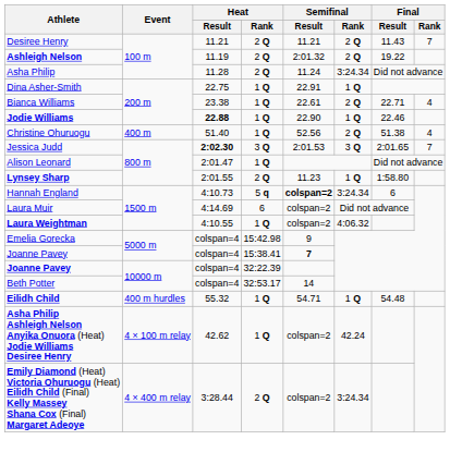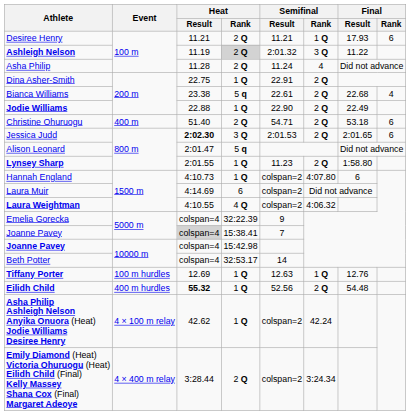 <table class="wikitable" style="font-size:90%">
 <tr>
 <th rowspan=2>Athlete</th>
 <th rowspan=2>Event</th>
 <th colspan=2>Heat</th>
 <th colspan=2>Semifinal</th>
 <th colspan=2>Final</th>
 </tr>
 <tr style="font-size:95%">
 <th>Result</th>
 <th>Rank</th>
 <th>Result</th>
 <th>Rank</th>
 <th>Result</th>
 <th>Rank</th>
 </tr>
 <tr align=center>
 <td align=left><a href='#'>Desiree Henry</a></td>
 <td style="text-align:left;" rowspan="3"><a href='#'>100 m</a></td>
 <td>11.21</td>
 <td>2 <strong>Q</strong></td>
 <td>11.21</td>
-<td>2 <strong>Q</strong></td>
-<td>11.43</td>
-<td>7</td>
+<td>1 <strong>Q</strong></td>
+<td>17.93</td>
+<td>6</td>
 </tr>
 <tr align=center>
 <td align=left><strong><a href='#'>Ashleigh Nelson</a></strong></td>
 <td>11.19</td>
-<td>2 <strong>Q</strong></td>
+<td style="background: lightgrey;">2 <strong>Q</strong></td>
 <td>2:01.32</td>
-<td>2 <strong>Q</strong></td>
-<td>19.22</td>
+<td>3 <strong>Q</strong></td>
+<td>11.22</td>
 <td></td>
 </tr>
 <tr align=center>
 <td align=left><a href='#'>Asha Philip</a></td>
 <td>11.28</td>
 <td>2 <strong>Q</strong></td>
 <td>11.24</td>
-<td>3:24.34</td>
+<td>4</td>
 <td colspan=2>Did not advance</td>
 </tr>
 <tr align=center>
 <td align=left><a href='#'>Dina Asher-Smith</a></td>
 <td style="text-align:left;" rowspan="3"><a href='#'>200 m</a></td>
 <td>22.75</td>
 <td>1 <strong>Q</strong></td>
 <td>22.91</td>
-<td>1 <strong>Q</strong></td>
+<td>2 <strong>Q</strong></td>
 <td colspan=2></td>
 </tr>
 <tr align=center>
 <td align=left><a href='#'>Bianca Williams</a></td>
 <td>23.38</td>
-<td>1 <strong>Q</strong></td>
+<td>5 <strong>q</strong></td>
 <td>22.61</td>
 <td>2 <strong>Q</strong></td>
-<td>22.71</td>
+<td>22.68</td>
 <td>4</td>
 </tr>
 <tr align=center>
 <td align=left><strong><a href='#'>Jodie Williams</a></strong></td>
-<td><strong>22.88</strong></td>
+<td>22.88</td>
 <td>1 <strong>Q</strong></td>
 <td>22.90</td>
-<td>1 <strong>Q</strong></td>
-<td>22.46</td>
+<td>2 <strong>Q</strong></td>
+<td>22.49</td>
 <td></td>
 </tr>
 <tr align=center>
 <td align=left><a href='#'>Christine Ohuruogu</a></td>
 <td style="text-align:left;"><a href='#'>400 m</a></td>
 <td>51.40</td>
-<td>1 <strong>Q</strong></td>
-<td>52.56</td>
 <td>2 <strong>Q</strong></td>
-<td>51.38</td>
-<td>4</td>
+<td>54.71</td>
+<td>2 <strong>Q</strong></td>
+<td>53.18</td>
+<td>6</td>
 </tr>
 <tr align=center>
 <td align=left><a href='#'>Jessica Judd</a></td>
 <td style="text-align:left;" rowspan="3"><a href='#'>800 m</a></td>
 <td><strong>2:02.30</strong></td>
 <td>3 <strong>Q</strong></td>
 <td>2:01.53</td>
-<td>3 <strong>Q</strong></td>
+<td>2 <strong>Q</strong></td>
 <td>2:01.65</td>
-<td>7</td>
+<td>6</td>
 </tr>
 <tr align=center>
 <td align=left><a href='#'>Alison Leonard</a></td>
 <td>2:01.47</td>
-<td>1 <strong>Q</strong></td>
+<td>5 <strong>q</strong></td>
 <td colspan=2></td>
 <td colspan=2>Did not advance</td>
 </tr>
 <tr align=center>
 <td align=left><strong><a href='#'>Lynsey Sharp</a></strong></td>
 <td>2:01.55</td>
+<td>1 <strong>Q</strong></td>
+<td>11.23</td>
 <td>2 <strong>Q</strong></td>
-<td>11.23</td>
-<td>1 <strong>Q</strong></td>
 <td>1:58.80</td>
 <td></td>
 </tr>
 <tr align=center>
 <td align=left><a href='#'>Hannah England</a></td>
 <td style="text-align:left;" rowspan="3"><a href='#'>1500 m</a></td>
 <td>4:10.73</td>
-<td>5 <strong>q</strong></td>
-<td><strong>colspan=2 </strong></td>
-<td>3:24.34</td>
+<td>1 <strong>Q</strong></td>
+<td>colspan=2 </td>
+<td>4:07.80</td>
 <td>6</td>
 </tr>
 <tr align=center>
 <td align=left><a href='#'>Laura Muir</a></td>
 <td>4:14.69</td>
 <td>6</td>
 <td>colspan=2 </td>
 <td colspan=2>Did not advance</td>
 </tr>
 <tr align=center>
 <td align=left><strong><a href='#'>Laura Weightman</a></strong></td>
 <td>4:10.55</td>
-<td>1 <strong>Q</strong></td>
+<td>4 <strong>Q</strong></td>
 <td>colspan=2 </td>
 <td>4:06.32</td>
 <td></td>
 </tr>
 <tr align=center>
 <td align=left><a href='#'>Emelia Gorecka</a></td>
 <td style="text-align:left;" rowspan="2"><a href='#'>5000 m</a></td>
 <td>colspan=4 </td>
-<td>15:42.98</td>
+<td>32:22.39</td>
 <td>9</td>
 </tr>
 <tr align=center>
 <td align=left><a href='#'>Joanne Pavey</a></td>
-<td>colspan=4 </td>
+<td style="background: lightgrey;">colspan=4 </td>
 <td>15:38.41</td>
-<td><strong>7</strong></td>
+<td>7</td>
 </tr>
 <tr align=center>
 <td align=left><strong><a href='#'>Joanne Pavey</a></strong></td>
 <td align=left rowspan=2><a href='#'>10000 m</a></td>
 <td>colspan=4 </td>
-<td>32:22.39</td>
+<td>15:42.98</td>
 <td></td>
 </tr>
 <tr align=center>
 <td align=left><a href='#'>Beth Potter</a></td>
 <td>colspan=4 </td>
 <td>32:53.17</td>
 <td>14</td>
 </tr>
 <tr align=center>
+<td align=left><strong><a href='#'>Tiffany Porter</a></strong></td>
+<td style="text-align:left;"><a href='#'>100 m hurdles</a></td>
+<td>12.69</td>
+<td>1 <strong>Q</strong></td>
+<td>12.63</td>
+<td>1 <strong>Q</strong></td>
+<td>12.76</td>
+<td></td>
+</tr>
+<tr align=center>
 <td align=left><strong><a href='#'>Eilidh Child</a></strong></td>
 <td style="text-align:left;"><a href='#'>400 m hurdles</a></td>
-<td>55.32</td>
+<td><strong>55.32</strong></td>
 <td>1 <strong>Q</strong></td>
-<td>54.71</td>
-<td>1 <strong>Q</strong></td>
+<td>52.56</td>
+<td>2 <strong>Q</strong></td>
 <td>54.48</td>
 <td></td>
 </tr>
 <tr align=center>
 <td align=left><strong><a href='#'>Asha Philip</a><br><a href='#'>Ashleigh Nelson</a><br><a href='#'>Anyika Onuora</a></strong> (Heat)<br><strong><a href='#'>Jodie Williams</a><br><a href='#'>Desiree Henry</a></strong></td>
 <td align=left><a href='#'>4 × 100 m relay</a></td>
 <td>42.62</td>
 <td>1 <strong>Q</strong></td>
 <td>colspan=2 </td>
 <td>42.24</td>
 <td></td>
 </tr>
 <tr align=center>
 <td align=left><strong><a href='#'>Emily Diamond</a></strong> (Heat)<br><strong><a href='#'>Victoria Ohuruogu</a></strong> (Heat)<br><strong><a href='#'>Eilidh Child</a></strong> (Final)<br><strong><a href='#'>Kelly Massey</a><br><a href='#'>Shana Cox</a></strong> (Final)<br><strong><a href='#'>Margaret Adeoye</a></strong></td>
 <td align=left><a href='#'>4 × 400 m relay</a></td>
 <td>3:28.44</td>
 <td>2 <strong>Q</strong></td>
 <td>colspan=2 </td>
 <td>3:24.34</td>
 <td></td>
 </tr>
 </table>
